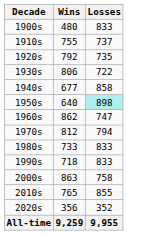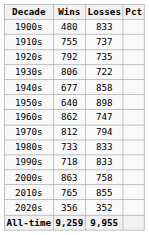 <table class="wikitable" style="text-align:center">
 <tr>
 <th style="text-align:center; ">Decade</th>
 <th style="text-align:center; ">Wins</th>
 <th style="text-align:center; ">Losses</th>
+<th style="text-align:center; ">Pct</th>
 </tr>
 <tr>
 <td>1900s</td>
 <td>480</td>
 <td>833</td>
+<td></td>
 </tr>
 <tr>
 <td>1910s</td>
 <td>755</td>
 <td>737</td>
+<td></td>
 </tr>
 <tr>
 <td>1920s</td>
 <td>792</td>
 <td>735</td>
+<td></td>
 </tr>
 <tr>
 <td>1930s</td>
 <td>806</td>
 <td>722</td>
+<td></td>
 </tr>
 <tr>
 <td>1940s</td>
 <td>677</td>
 <td>858</td>
+<td></td>
 </tr>
 <tr>
 <td>1950s</td>
 <td>640</td>
-<td style="background: paleturquoise;">898</td>
+<td>898</td>
+<td></td>
 </tr>
 <tr>
 <td>1960s</td>
 <td>862</td>
 <td>747</td>
+<td></td>
 </tr>
 <tr>
 <td>1970s</td>
 <td>812</td>
 <td>794</td>
+<td></td>
 </tr>
 <tr>
 <td>1980s</td>
 <td>733</td>
 <td>833</td>
+<td></td>
 </tr>
 <tr>
 <td>1990s</td>
 <td>718</td>
 <td>833</td>
+<td></td>
 </tr>
 <tr>
 <td>2000s</td>
 <td>863</td>
 <td>758</td>
+<td></td>
 </tr>
 <tr>
 <td>2010s</td>
 <td>765</td>
 <td>855</td>
+<td></td>
 </tr>
 <tr>
 <td>2020s</td>
 <td>356</td>
 <td>352</td>
+<td></td>
 </tr>
 <tr style="background:#f0f0f0; font-weight:bold">
 <th style="text-align:center; ">All-time</th>
 <th style="text-align:center; ">9,259</th>
 <th style="text-align:center; ">9,955</th>
+<th style="text-align:center; "></th>
 </tr>
 </table>
